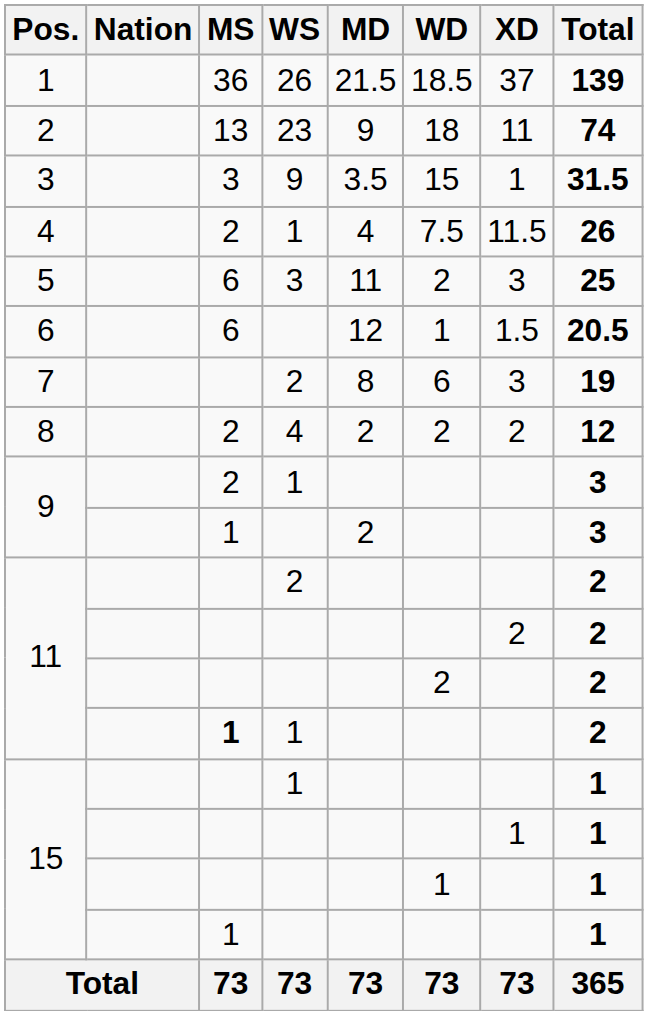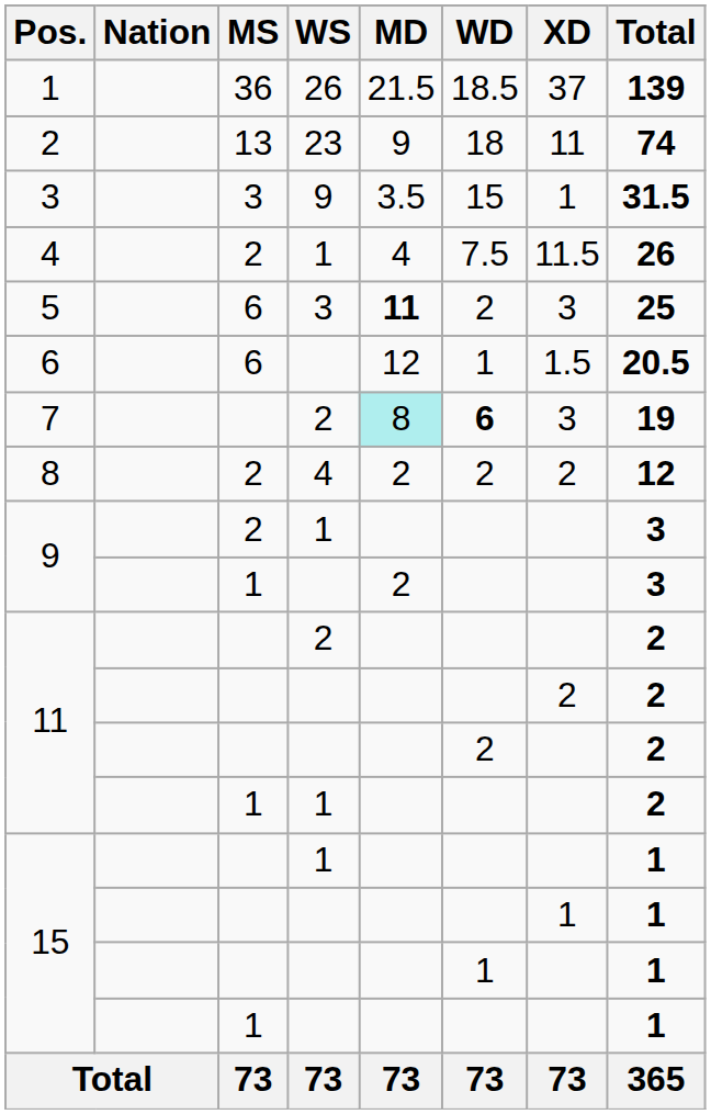 <table class="wikitable" style="text-align:center">
 <tr>
 <th width="20">Pos.</th>
 <th>Nation</th>
 <th width="20">MS</th>
 <th width="20">WS</th>
 <th width="20">MD</th>
 <th width="20">WD</th>
 <th width="20">XD</th>
 <th>Total</th>
 </tr>
 <tr>
 <td>1</td>
 <td align="left"><strong></strong></td>
 <td>36</td>
 <td>26</td>
 <td>21.5</td>
 <td>18.5</td>
 <td>37</td>
 <td><strong>139</strong></td>
 </tr>
 <tr>
 <td>2</td>
 <td align="left"></td>
 <td>13</td>
 <td>23</td>
 <td>9</td>
 <td>18</td>
 <td>11</td>
 <td><strong>74</strong></td>
 </tr>
 <tr>
 <td>3</td>
 <td align="left"></td>
 <td>3</td>
 <td>9</td>
 <td>3.5</td>
 <td>15</td>
 <td>1</td>
 <td><strong>31.5</strong></td>
 </tr>
 <tr>
 <td>4</td>
 <td align="left"></td>
 <td>2</td>
 <td>1</td>
 <td>4</td>
 <td>7.5</td>
 <td>11.5</td>
 <td><strong>26</strong></td>
 </tr>
 <tr>
 <td>5</td>
 <td align="left"></td>
 <td>6</td>
 <td>3</td>
-<td>11</td>
+<td><strong>11</strong></td>
 <td>2</td>
 <td>3</td>
 <td><strong>25</strong></td>
 </tr>
 <tr>
 <td>6</td>
 <td align="left"></td>
 <td>6</td>
 <td></td>
 <td>12</td>
 <td>1</td>
 <td>1.5</td>
 <td><strong>20.5</strong></td>
 </tr>
 <tr>
 <td>7</td>
 <td align="left"></td>
 <td></td>
 <td>2</td>
-<td>8</td>
-<td>6</td>
+<td style="background: paleturquoise;">8</td>
+<td><strong>6</strong></td>
 <td>3</td>
 <td><strong>19</strong></td>
 </tr>
 <tr>
 <td>8</td>
 <td align="left"></td>
 <td>2</td>
 <td>4</td>
 <td>2</td>
 <td>2</td>
 <td>2</td>
 <td><strong>12</strong></td>
 </tr>
 <tr>
 <td rowspan=2>9</td>
 <td align="left"></td>
 <td>2</td>
 <td>1</td>
 <td></td>
 <td></td>
 <td></td>
 <td><strong>3</strong></td>
 </tr>
 <tr>
 <td align="left"></td>
 <td>1</td>
 <td></td>
 <td>2</td>
 <td></td>
 <td></td>
 <td><strong>3</strong></td>
 </tr>
 <tr>
 <td rowspan=4>11</td>
 <td align="left"></td>
 <td></td>
 <td>2</td>
 <td></td>
 <td></td>
 <td></td>
 <td><strong>2</strong></td>
 </tr>
 <tr>
 <td align="left"></td>
 <td></td>
 <td></td>
 <td></td>
 <td></td>
 <td>2</td>
 <td><strong>2</strong></td>
 </tr>
 <tr>
 <td align="left"></td>
 <td></td>
 <td></td>
 <td></td>
 <td>2</td>
 <td></td>
 <td><strong>2</strong></td>
 </tr>
 <tr>
 <td align="left"></td>
-<td><strong>1</strong></td>
+<td>1</td>
 <td>1</td>
 <td></td>
 <td></td>
 <td></td>
 <td><strong>2</strong></td>
 </tr>
 <tr>
 <td rowspan=4>15</td>
 <td align="left"></td>
 <td></td>
 <td>1</td>
 <td></td>
 <td></td>
 <td></td>
 <td><strong>1</strong></td>
 </tr>
 <tr>
 <td align="left"></td>
 <td></td>
 <td></td>
 <td></td>
 <td></td>
 <td>1</td>
 <td><strong>1</strong></td>
 </tr>
 <tr>
 <td align="left"></td>
 <td></td>
 <td></td>
 <td></td>
 <td>1</td>
 <td></td>
 <td><strong>1</strong></td>
 </tr>
 <tr>
 <td align="left"></td>
 <td>1</td>
 <td></td>
 <td></td>
 <td></td>
 <td></td>
 <td><strong>1</strong></td>
 </tr>
 <tr>
 <th colspan="2">Total</th>
 <th>73</th>
 <th>73</th>
 <th>73</th>
 <th>73</th>
 <th>73</th>
 <th>365</th>
 </tr>
 </table>
